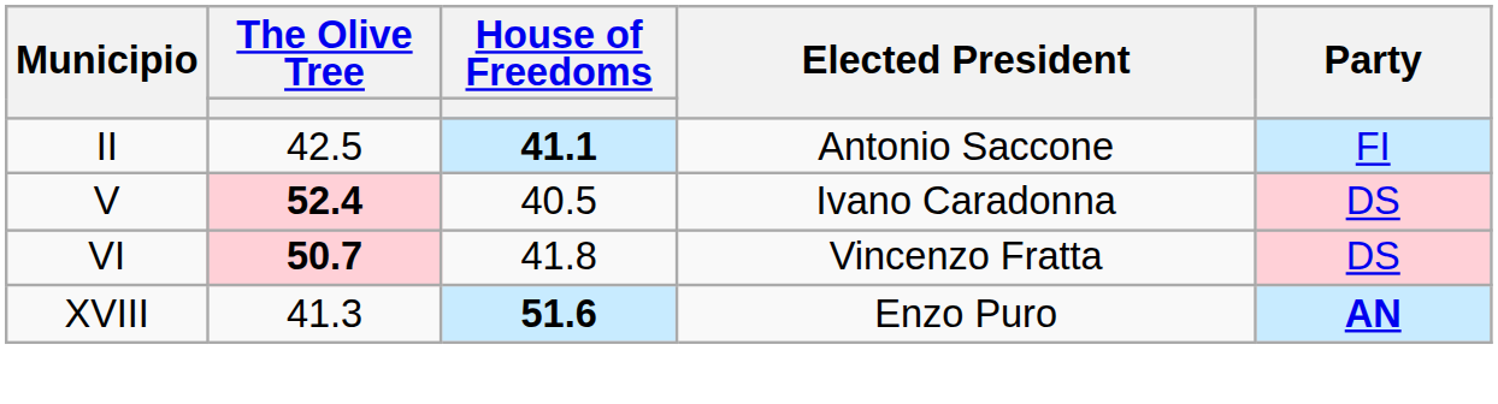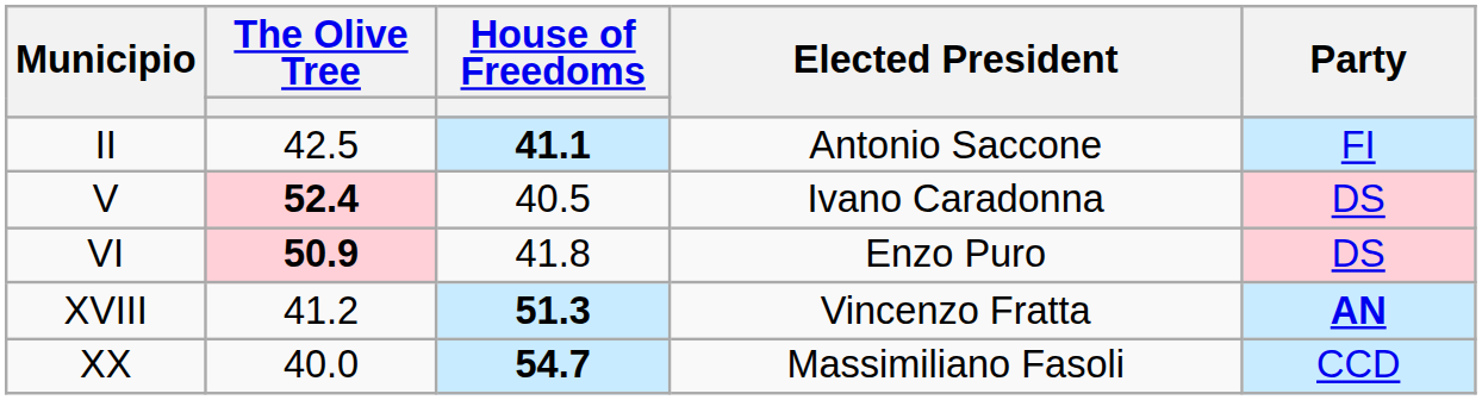 <table class="wikitable" style="text-align:center; font-size:85%; line-height:13px">
 <tr style="height:30px; background-color:#E9E9E9">
 <th style="width:50px;" rowspan="2">Municipio</th>
 <th style="width:75px;"><a href='#'>The Olive Tree</a></th>
 <th style="width:75px;"><a href='#'>House of Freedoms</a></th>
 <th style="width:195px;" rowspan="2">Elected President</th>
 <th style="width:75px;" rowspan="2">Party</th>
 </tr>
 <tr>
 <th style="background:"></th>
 <th style="background:"></th>
 </tr>
 <tr>
 <td>II</td>
 <td>42.5</td>
 <td style="background:#C8EBFF"><strong>41.1</strong></td>
 <td>Antonio Saccone</td>
 <td style="background:#C8EBFF"><a href='#'>FI</a></td>
 </tr>
 <tr>
 <td>V</td>
 <td style="background:#FFD0D7"><strong>52.4</strong></td>
 <td>40.5</td>
 <td>Ivano Caradonna</td>
 <td style="background:#FFD0D7"><a href='#'>DS</a></td>
 </tr>
 <tr>
 <td>VI</td>
-<td style="background:#FFD0D7"><strong>50.7</strong></td>
+<td style="background:#FFD0D7"><strong>50.9</strong></td>
 <td>41.8</td>
-<td>Vincenzo Fratta</td>
+<td>Enzo Puro</td>
 <td style="background:#FFD0D7"><a href='#'>DS</a></td>
 </tr>
 <tr>
 <td>XVIII</td>
-<td>41.3</td>
-<td style="background:#C8EBFF"><strong>51.6</strong></td>
-<td>Enzo Puro</td>
+<td>41.2</td>
+<td style="background:#C8EBFF"><strong>51.3</strong></td>
+<td>Vincenzo Fratta</td>
 <td style="background:#C8EBFF"><strong><a href='#'>AN</a></strong></td>
 </tr>
+<tr>
+<td>XX</td>
+<td>40.0</td>
+<td style="background:#C8EBFF"><strong>54.7</strong></td>
+<td>Massimiliano Fasoli</td>
+<td style="background:#C8EBFF"><a href='#'>CCD</a></td>
+</tr>
 </table>
